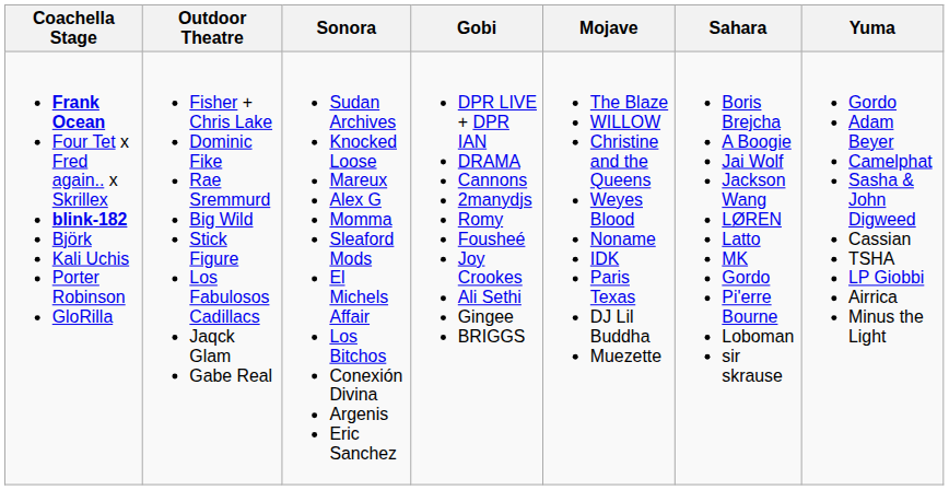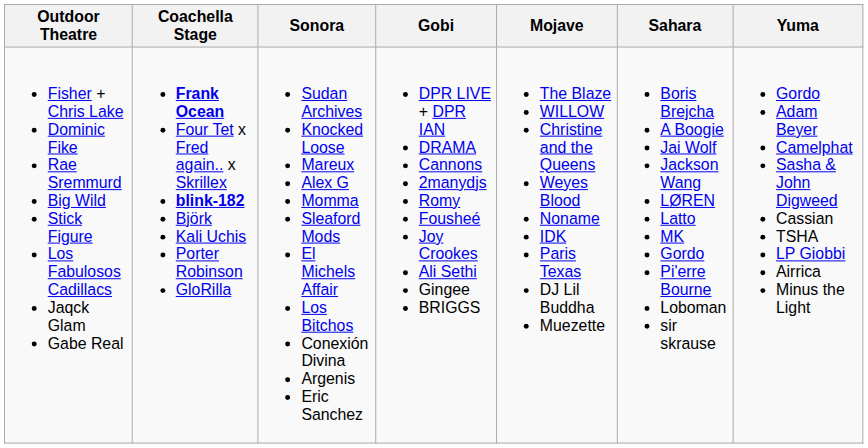 <table class="wikitable">
 <tr>
+<th>Outdoor Theatre</th>
 <th>Coachella Stage</th>
-<th>Outdoor Theatre</th>
 <th>Sonora</th>
 <th>Gobi</th>
 <th>Mojave</th>
 <th>Sahara</th>
 <th>Yuma</th>
 </tr>
 <tr valign="top">
+<td><br><ul><li><a href='#'>Fisher</a> + <a href='#'>Chris Lake</a></li><li><a href='#'>Dominic Fike</a></li><li><a href='#'>Rae Sremmurd</a></li><li><a href='#'>Big Wild</a></li><li><a href='#'>Stick Figure</a></li><li><a href='#'>Los Fabulosos Cadillacs</a></li><li>Jaqck Glam </li><li>Gabe Real </li></ul></td>
 <td><br><ul><li><strong><a href='#'>Frank Ocean</a></strong> </li><li><a href='#'>Four Tet</a> x <a href='#'>Fred again..</a> x <a href='#'>Skrillex</a> </li><li><strong><a href='#'>blink-182</a></strong> </li><li><a href='#'>Björk</a></li><li><a href='#'>Kali Uchis</a></li><li><a href='#'>Porter Robinson</a></li><li><a href='#'>GloRilla</a></li></ul></td>
-<td><br><ul><li><a href='#'>Fisher</a> + <a href='#'>Chris Lake</a></li><li><a href='#'>Dominic Fike</a></li><li><a href='#'>Rae Sremmurd</a></li><li><a href='#'>Big Wild</a></li><li><a href='#'>Stick Figure</a></li><li><a href='#'>Los Fabulosos Cadillacs</a></li><li>Jaqck Glam </li><li>Gabe Real </li></ul></td>
 <td><br><ul><li><a href='#'>Sudan Archives</a></li><li><a href='#'>Knocked Loose</a></li><li><a href='#'>Mareux</a></li><li><a href='#'>Alex G</a></li><li><a href='#'>Momma</a></li><li><a href='#'>Sleaford Mods</a></li><li><a href='#'>El Michels Affair</a></li><li><a href='#'>Los Bitchos</a></li><li>Conexión Divina</li><li>Argenis </li><li>Eric Sanchez </li></ul></td>
 <td><br><ul><li><a href='#'>DPR LIVE</a> + <a href='#'>DPR IAN</a></li><li><a href='#'>DRAMA</a></li><li><a href='#'>Cannons</a></li><li><a href='#'>2manydjs</a></li><li><a href='#'>Romy</a></li><li><a href='#'>Fousheé</a></li><li><a href='#'>Joy Crookes</a></li><li><a href='#'>Ali Sethi</a></li><li>Gingee </li><li>BRIGGS </li></ul></td>
 <td><br><ul><li><a href='#'>The Blaze</a></li><li><a href='#'>WILLOW</a></li><li><a href='#'>Christine and the Queens</a></li><li><a href='#'>Weyes Blood</a></li><li><a href='#'>Noname</a></li><li><a href='#'>IDK</a></li><li><a href='#'>Paris Texas</a></li><li>DJ Lil Buddha </li><li>Muezette </li></ul></td>
 <td><br><ul><li><a href='#'>Boris Brejcha</a></li><li><a href='#'>A Boogie</a></li><li><a href='#'>Jai Wolf</a></li><li><a href='#'>Jackson Wang</a></li><li><a href='#'>LØREN</a> </li><li><a href='#'>Latto</a></li><li><a href='#'>MK</a> </li><li><a href='#'>Gordo</a> </li><li><a href='#'>Pi'erre Bourne</a></li><li>Loboman </li><li>sir skrause </li></ul></td>
 <td><br><ul><li><a href='#'>Gordo</a> </li><li><a href='#'>Adam Beyer</a></li><li><a href='#'>Camelphat</a></li><li><a href='#'>Sasha & John Digweed</a></li><li>Cassian</li><li>TSHA</li><li><a href='#'>LP Giobbi</a></li><li>Airrica</li><li>Minus the Light</li></ul></td>
 </tr>
 </table>
